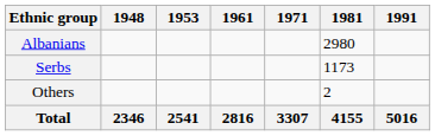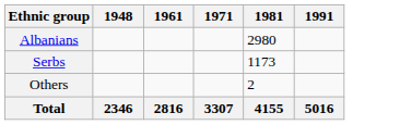 <table class="wikitable" border="1">
 <tr>
 <th>Ethnic group</th>
 <th style=width:3em>1948</th>
-<th style=width:3em>1953</th>
 <th style=width:3em>1961</th>
 <th style=width:3em>1971</th>
 <th style=width:3em>1981</th>
 <th style=width:3em>1991</th>
 </tr>
 <tr>
 <th style=font-weight:300><a href='#'>Albanians</a></th>
-<td></td>
 <td></td>
 <td></td>
 <td></td>
 <td>2980</td>
 <td></td>
 </tr>
 <tr>
 <th style=font-weight:300><a href='#'>Serbs</a></th>
 <td></td>
 <td></td>
 <td></td>
-<td></td>
 <td>1173</td>
 <td></td>
 </tr>
 <tr>
 <th style=font-weight:300>Others</th>
-<td></td>
 <td></td>
 <td></td>
 <td></td>
 <td>2</td>
 <td></td>
 </tr>
 <tr>
 <th>Total</th>
 <th>2346</th>
-<th>2541</th>
 <th>2816</th>
 <th>3307</th>
 <th>4155</th>
 <th>5016</th>
 </tr>
 </table>
